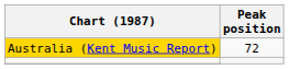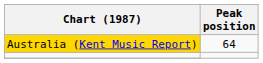 <table class="wikitable sortable">
 <tr>
 <th>Chart (1987)</th>
 <th>Peak<br>position</th>
 </tr>
 <tr>
 <td style="background: gold;">Australia (<a href='#'>Kent Music Report</a>)</td>
-<td align=center>72</td>
+<td align=center>64</td>
 </tr>
 <tr>
 <td></td>
 </tr>
 <tr>
 </tr>
 </table>
